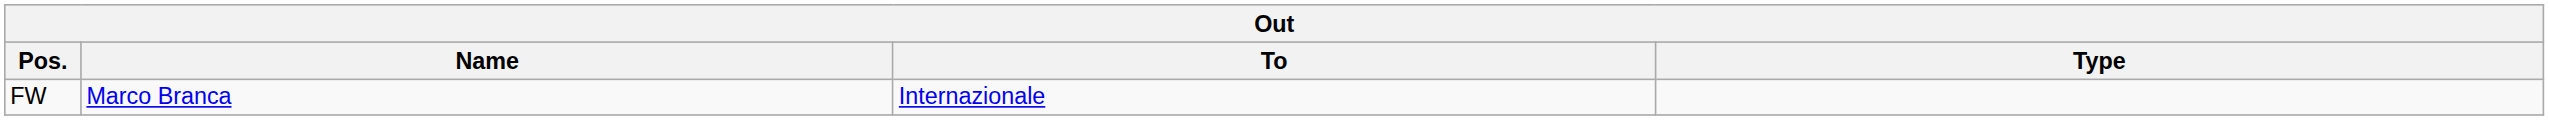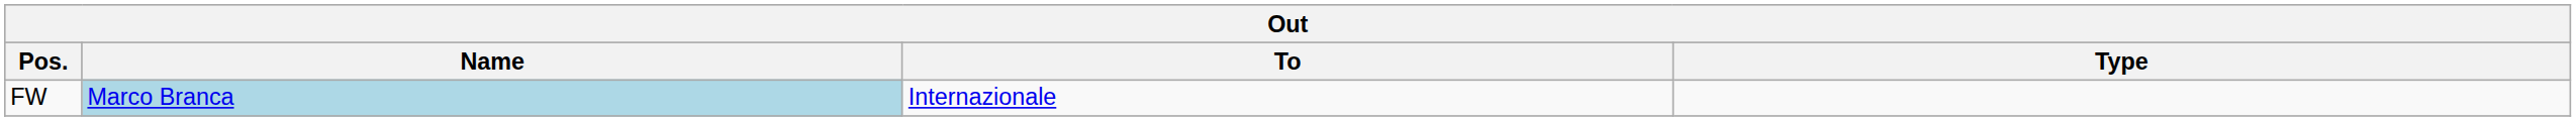 <table class="wikitable" style="font-size:90%; width:99%">
 <tr>
 <th colspan="4">Out</th>
 </tr>
 <tr>
 <th width=3%>Pos.</th>
 <th width=32%>Name</th>
 <th width=30%>To</th>
 <th width=35%>Type</th>
 </tr>
 <tr>
 <td>FW</td>
-<td><a href='#'>Marco Branca</a></td>
+<td style="background: lightblue;"><a href='#'>Marco Branca</a></td>
 <td><a href='#'>Internazionale</a></td>
 <td></td>
 </tr>
 </table>
